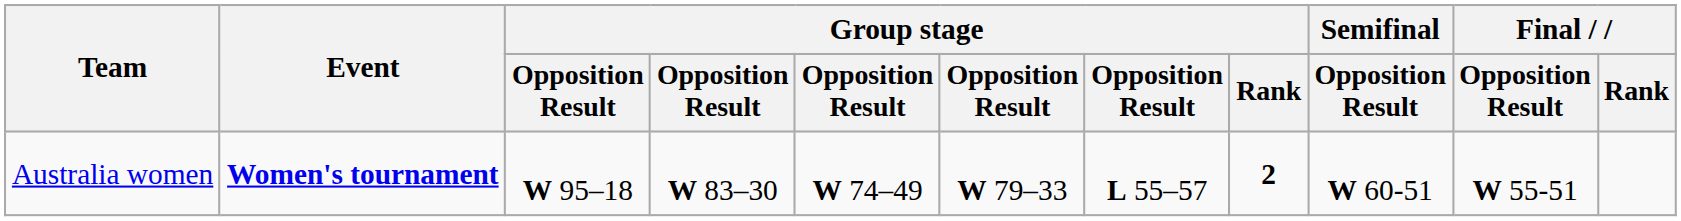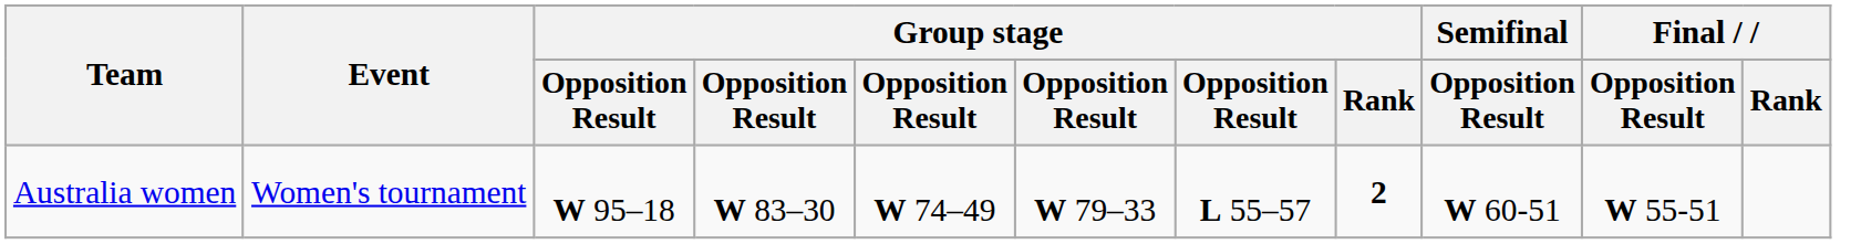 <table class=wikitable style=font-size:90%>
 <tr>
 <th rowspan=2>Team</th>
 <th rowspan=2>Event</th>
 <th colspan=6>Group stage</th>
 <th>Semifinal</th>
 <th colspan=2>Final /  / </th>
 </tr>
 <tr style=font-size:95%>
 <th>Opposition<br>Result</th>
 <th>Opposition<br>Result</th>
 <th>Opposition<br>Result</th>
 <th>Opposition<br>Result</th>
 <th>Opposition<br>Result</th>
 <th>Rank</th>
 <th>Opposition<br>Result</th>
 <th>Opposition<br>Result</th>
 <th>Rank</th>
 </tr>
 <tr align=center>
 <td align=left><a href='#'>Australia women</a></td>
-<td align=left><strong><a href='#'>Women's tournament</a></strong></td>
+<td align=left><a href='#'>Women's tournament</a></td>
 <td><br><strong>W</strong> 95–18</td>
 <td><br><strong>W</strong> 83–30</td>
 <td><br><strong>W</strong> 74–49</td>
 <td><br><strong>W</strong> 79–33</td>
 <td><br><strong>L</strong> 55–57</td>
 <td><strong>2</strong></td>
 <td><br><strong>W</strong> 60-51</td>
 <td><br><strong>W</strong> 55-51</td>
 <td></td>
 </tr>
 </table>
